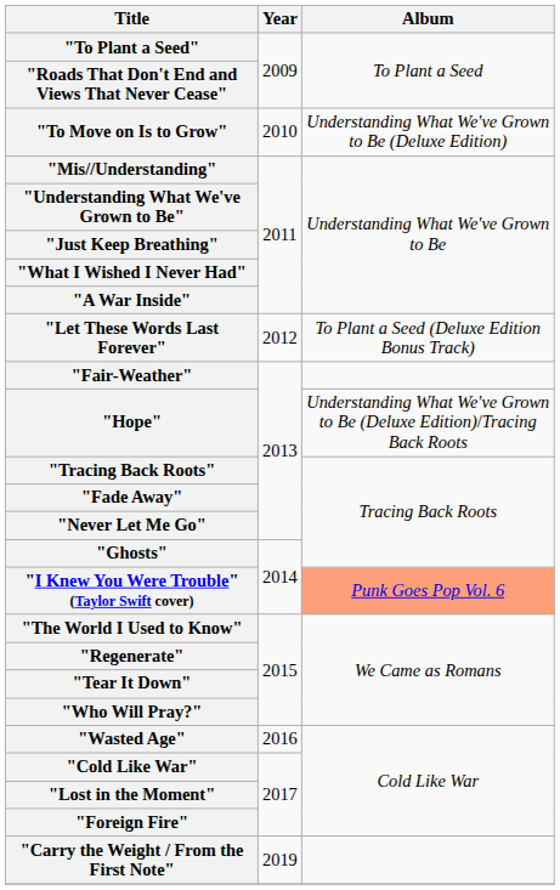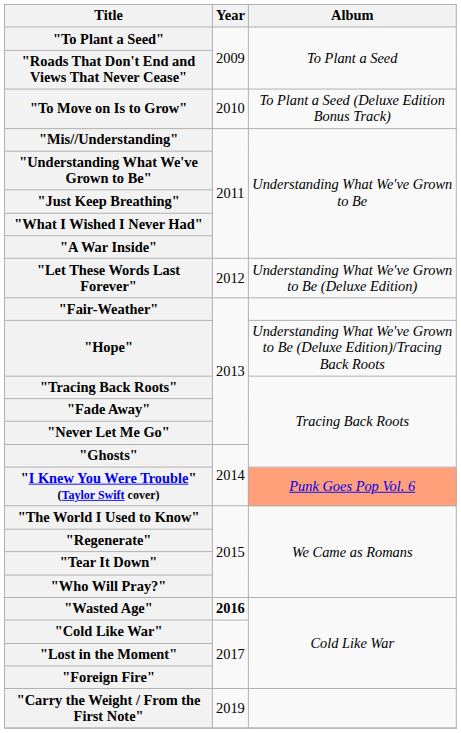 <table class="wikitable plainrowheaders" style="text-align:center;">
 <tr>
 <th scope="col" style="width:14em;">Title</th>
 <th scope="col">Year</th>
 <th scope="col" style="width:14em;">Album</th>
 </tr>
 <tr>
 <th scope="row">"To Plant a Seed"</th>
 <td rowspan="2">2009</td>
 <td rowspan="2"><em>To Plant a Seed</em></td>
 </tr>
 <tr>
 <th scope="row">"Roads That Don't End and Views That Never Cease"</th>
 </tr>
 <tr>
 <th scope="row">"To Move on Is to Grow"</th>
 <td>2010</td>
-<td><em>Understanding What We've Grown to Be (Deluxe Edition)</em></td>
+<td><em>To Plant a Seed (Deluxe Edition Bonus Track)</em></td>
 </tr>
 <tr>
 <th scope="row">"Mis//Understanding"</th>
 <td rowspan="5">2011</td>
 <td rowspan="5"><em>Understanding What We've Grown to Be</em></td>
 </tr>
 <tr>
 <th scope="row">"Understanding What We've Grown to Be"</th>
 </tr>
 <tr>
 <th scope="row">"Just Keep Breathing"</th>
 </tr>
 <tr>
 <th scope="row">"What I Wished I Never Had"</th>
 </tr>
 <tr>
 <th scope="row">"A War Inside"</th>
 </tr>
 <tr>
 <th scope="row">"Let These Words Last Forever"</th>
 <td>2012</td>
-<td><em>To Plant a Seed (Deluxe Edition Bonus Track)</em></td>
+<td><em>Understanding What We've Grown to Be (Deluxe Edition)</em></td>
 </tr>
 <tr>
 <th scope="row">"Fair-Weather"</th>
 <td rowspan="5">2013</td>
 <td></td>
 </tr>
 <tr>
 <th scope="row">"Hope"</th>
 <td><em>Understanding What We've Grown to Be (Deluxe Edition)</em>/<em>Tracing Back Roots</em></td>
 </tr>
 <tr>
 <th scope="row">"Tracing Back Roots"</th>
 <td rowspan="4"><em>Tracing Back Roots</em></td>
 </tr>
 <tr>
 <th scope="row">"Fade Away"</th>
 </tr>
 <tr>
 <th scope="row">"Never Let Me Go"</th>
 </tr>
 <tr>
 <th scope="row">"Ghosts"</th>
 <td rowspan="2">2014</td>
 </tr>
 <tr>
 <th scope="row">"<a href='#'>I Knew You Were Trouble</a>" <small>(<a href='#'>Taylor Swift</a> cover)</small></th>
 <td style="background: lightsalmon;"><em><a href='#'>Punk Goes Pop Vol. 6</a></em></td>
 </tr>
 <tr>
 <th scope="row">"The World I Used to Know"</th>
 <td rowspan="4">2015</td>
 <td rowspan="4"><em>We Came as Romans</em></td>
 </tr>
 <tr>
 <th scope="row">"Regenerate"</th>
 </tr>
 <tr>
 <th scope="row">"Tear It Down"</th>
 </tr>
 <tr>
 <th scope="row">"Who Will Pray?"</th>
 </tr>
 <tr>
 <th scope="row">"Wasted Age"</th>
-<td>2016</td>
+<td><strong>2016</strong></td>
 <td rowspan="4"><em>Cold Like War</em></td>
 </tr>
 <tr>
 <th scope="row">"Cold Like War"</th>
 <td rowspan="3">2017</td>
 </tr>
 <tr>
 <th scope="row">"Lost in the Moment"</th>
 </tr>
 <tr>
 <th scope="row">"Foreign Fire"</th>
 </tr>
 <tr>
 <th scope="row">"Carry the Weight / From the First Note"</th>
 <td>2019</td>
 <td></td>
 </tr>
 <tr>
 </tr>
 </table>
